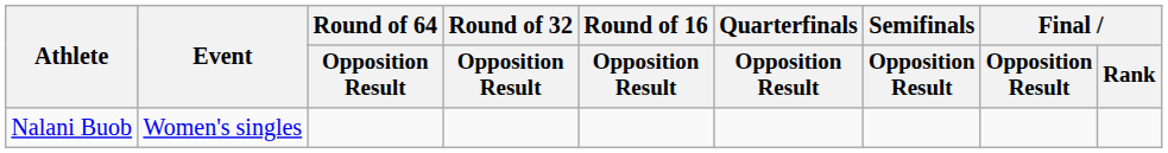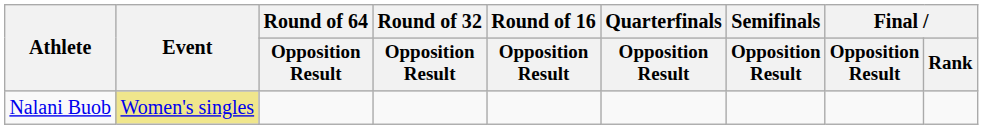 <table class="wikitable" style="font-size:90%;">
 <tr>
 <th rowspan=2>Athlete</th>
 <th rowspan=2>Event</th>
 <th>Round of 64</th>
 <th>Round of 32</th>
 <th>Round of 16</th>
 <th>Quarterfinals</th>
 <th>Semifinals</th>
 <th colspan=2>Final / </th>
 </tr>
 <tr style="font-size:95%">
 <th>Opposition<br>Result</th>
 <th>Opposition<br>Result</th>
 <th>Opposition<br>Result</th>
 <th>Opposition<br>Result</th>
 <th>Opposition<br>Result</th>
 <th>Opposition<br>Result</th>
 <th>Rank</th>
 </tr>
 <tr align=center>
 <td align=left><a href='#'>Nalani Buob</a></td>
-<td align=left><a href='#'>Women's singles</a></td>
+<td align=left style="background: khaki;"><a href='#'>Women's singles</a></td>
 <td></td>
 <td></td>
 <td></td>
 <td></td>
 <td></td>
 <td></td>
 <td></td>
 </tr>
 </table>
